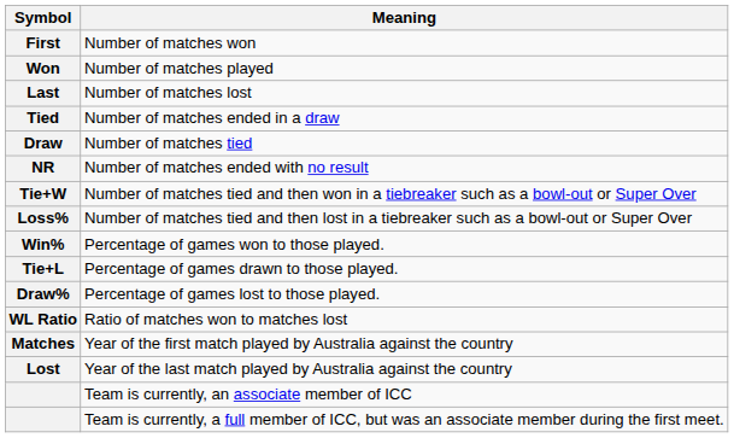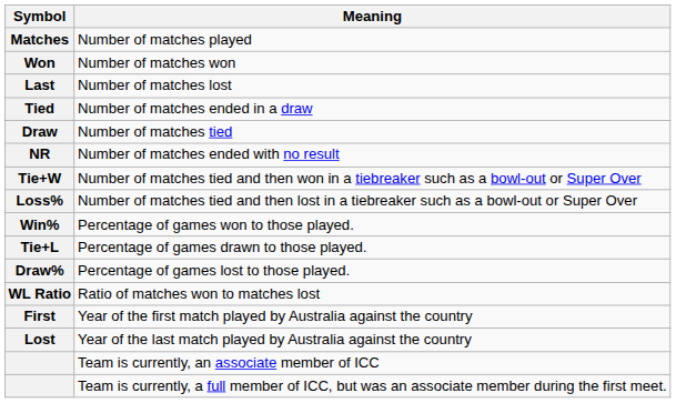 <table class="wikitable">
 <tr>
 <th>Symbol</th>
 <th>Meaning</th>
 </tr>
 <tr>
-<th scope="row">First</th>
-<td>Number of matches won</td>
+<th scope="row">Matches</th>
+<td>Number of matches played</td>
 </tr>
 <tr>
 <th scope="row">Won</th>
-<td>Number of matches played</td>
+<td>Number of matches won</td>
 </tr>
 <tr>
 <th scope="row">Last</th>
 <td>Number of matches lost</td>
 </tr>
 <tr>
 <th scope="row">Tied</th>
 <td>Number of matches ended in a <a href='#'>draw</a></td>
 </tr>
 <tr>
 <th scope="row">Draw</th>
 <td>Number of matches <a href='#'>tied</a></td>
 </tr>
 <tr>
 <th scope="row">NR</th>
 <td>Number of matches ended with <a href='#'>no result</a></td>
 </tr>
 <tr>
 <th scope="row">Tie+W</th>
 <td>Number of matches tied and then won in a <a href='#'>tiebreaker</a> such as a <a href='#'>bowl-out</a> or <a href='#'>Super Over</a></td>
 </tr>
 <tr>
 <th scope="row">Loss%</th>
 <td>Number of matches tied and then lost in a tiebreaker such as a bowl-out or Super Over</td>
 </tr>
 <tr>
 <th scope="row">Win%</th>
 <td>Percentage of games won to those played.</td>
 </tr>
 <tr>
 <th scope="row">Tie+L</th>
 <td>Percentage of games drawn to those played.</td>
 </tr>
 <tr>
 <th scope="row">Draw%</th>
 <td>Percentage of games lost to those played.</td>
 </tr>
 <tr>
 <th scope="row">WL Ratio</th>
 <td>Ratio of matches won to matches lost</td>
 </tr>
 <tr>
-<th scope="row">Matches</th>
+<th scope="row">First</th>
 <td>Year of the first match played by Australia against the country</td>
 </tr>
 <tr>
 <th scope="row">Lost</th>
 <td>Year of the last match played by Australia against the country</td>
 </tr>
 <tr>
 <th scope="row"></th>
 <td>Team is currently, an <a href='#'>associate</a> member of ICC</td>
 </tr>
 <tr>
 <th scope="row"></th>
 <td>Team is currently, a <a href='#'>full</a> member of ICC, but was an associate member during the first meet.</td>
 </tr>
 </table>
